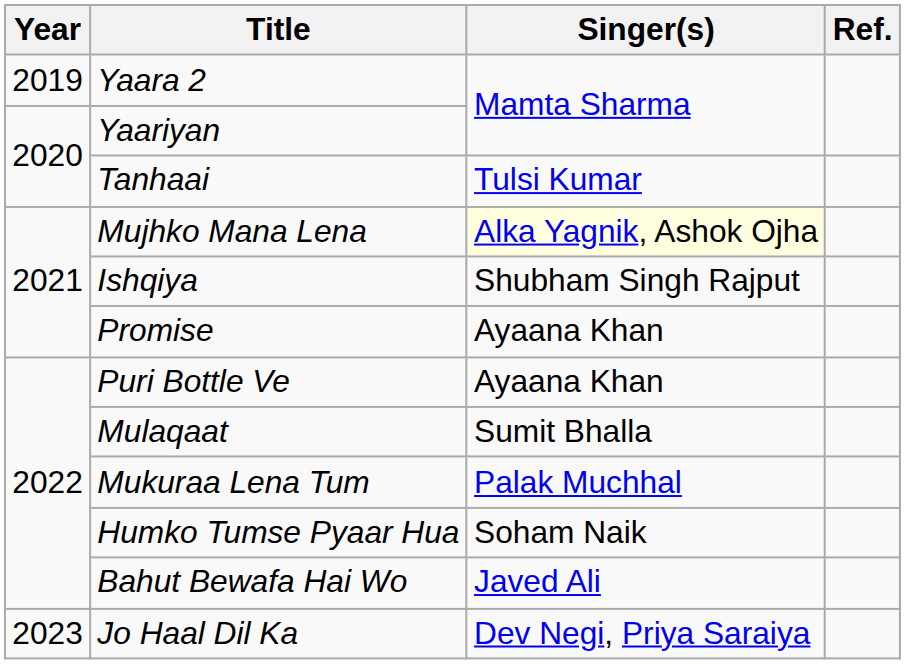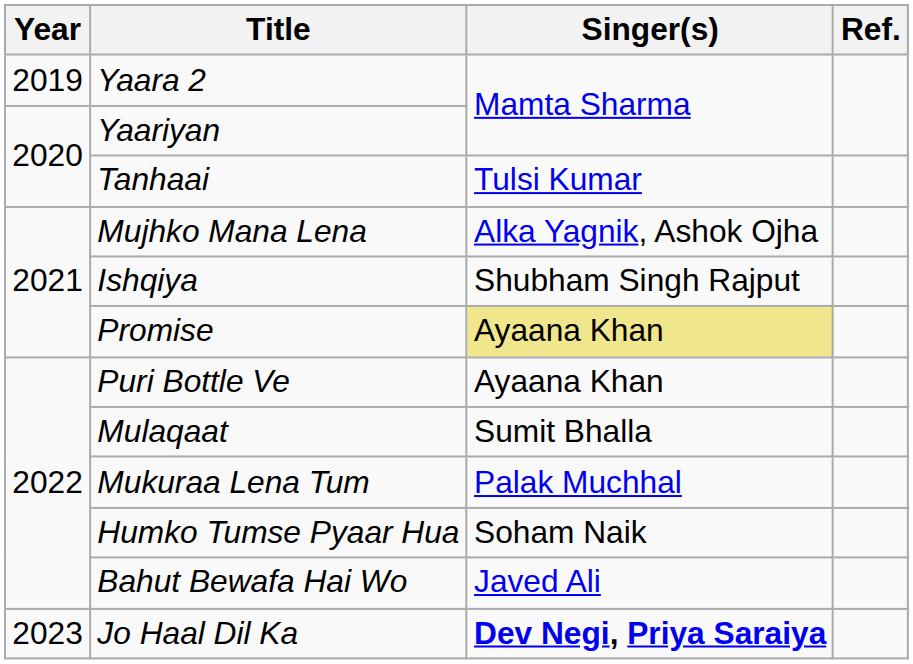 <table class="wikitable">
 <tr>
 <th>Year</th>
 <th>Title</th>
 <th>Singer(s)</th>
 <th>Ref.</th>
 </tr>
 <tr>
 <td>2019</td>
 <td><em>Yaara 2</em></td>
 <td rowspan="2"><a href='#'>Mamta Sharma</a></td>
 <td rowspan="2"></td>
 </tr>
 <tr>
 <td rowspan="2">2020</td>
 <td><em>Yaariyan</em></td>
 </tr>
 <tr>
 <td><em>Tanhaai</em></td>
 <td><a href='#'>Tulsi Kumar</a></td>
 <td></td>
 </tr>
 <tr>
 <td rowspan="3">2021</td>
 <td><em>Mujhko Mana Lena</em></td>
-<td style="background: lightyellow;"><a href='#'>Alka Yagnik</a>, Ashok Ojha</td>
+<td><a href='#'>Alka Yagnik</a>, Ashok Ojha</td>
 <td></td>
 </tr>
 <tr>
 <td><em>Ishqiya</em></td>
 <td>Shubham Singh Rajput</td>
 <td></td>
 </tr>
 <tr>
 <td><em>Promise</em></td>
-<td>Ayaana Khan</td>
+<td style="background: khaki;">Ayaana Khan</td>
 <td></td>
 </tr>
 <tr>
 <td rowspan="5">2022</td>
 <td><em>Puri Bottle Ve</em></td>
 <td>Ayaana Khan</td>
 <td></td>
 </tr>
 <tr>
 <td><em>Mulaqaat</em></td>
 <td>Sumit Bhalla</td>
 <td></td>
 </tr>
 <tr>
 <td><em>Mukuraa Lena Tum</em></td>
 <td><a href='#'>Palak Muchhal</a></td>
 <td></td>
 </tr>
 <tr>
 <td><em>Humko Tumse Pyaar Hua</em></td>
 <td>Soham Naik</td>
 <td></td>
 </tr>
 <tr>
 <td><em>Bahut Bewafa Hai Wo</em></td>
 <td><a href='#'>Javed Ali</a></td>
 <td></td>
 </tr>
 <tr>
 <td>2023</td>
 <td><em>Jo Haal Dil Ka</em></td>
-<td><a href='#'>Dev Negi</a>, <a href='#'>Priya Saraiya</a></td>
+<td><strong><a href='#'>Dev Negi</a>, <a href='#'>Priya Saraiya</a></strong></td>
 <td></td>
 </tr>
 </table>
